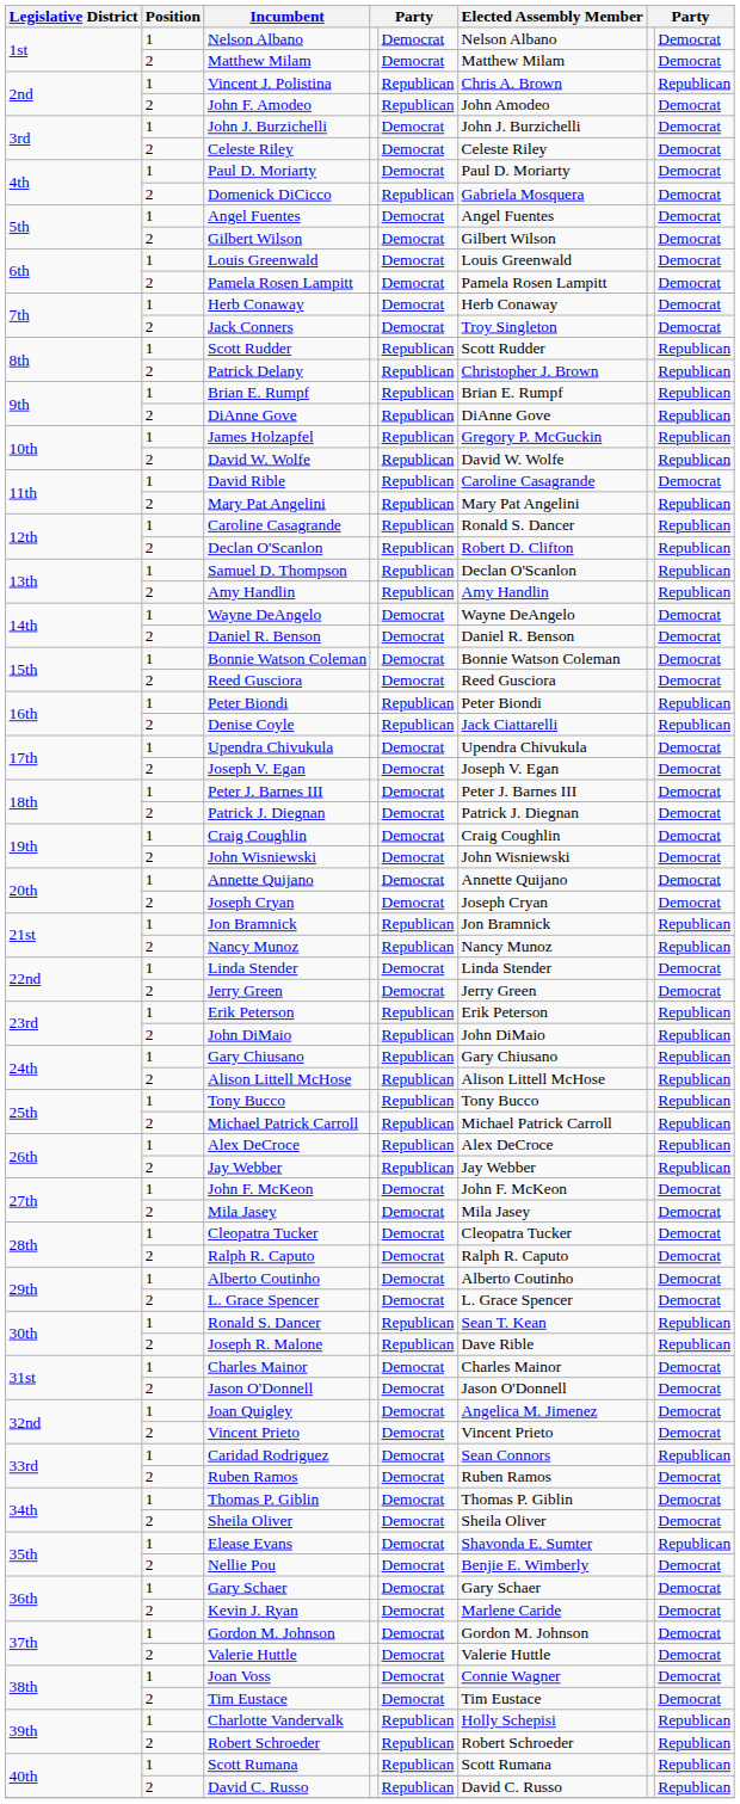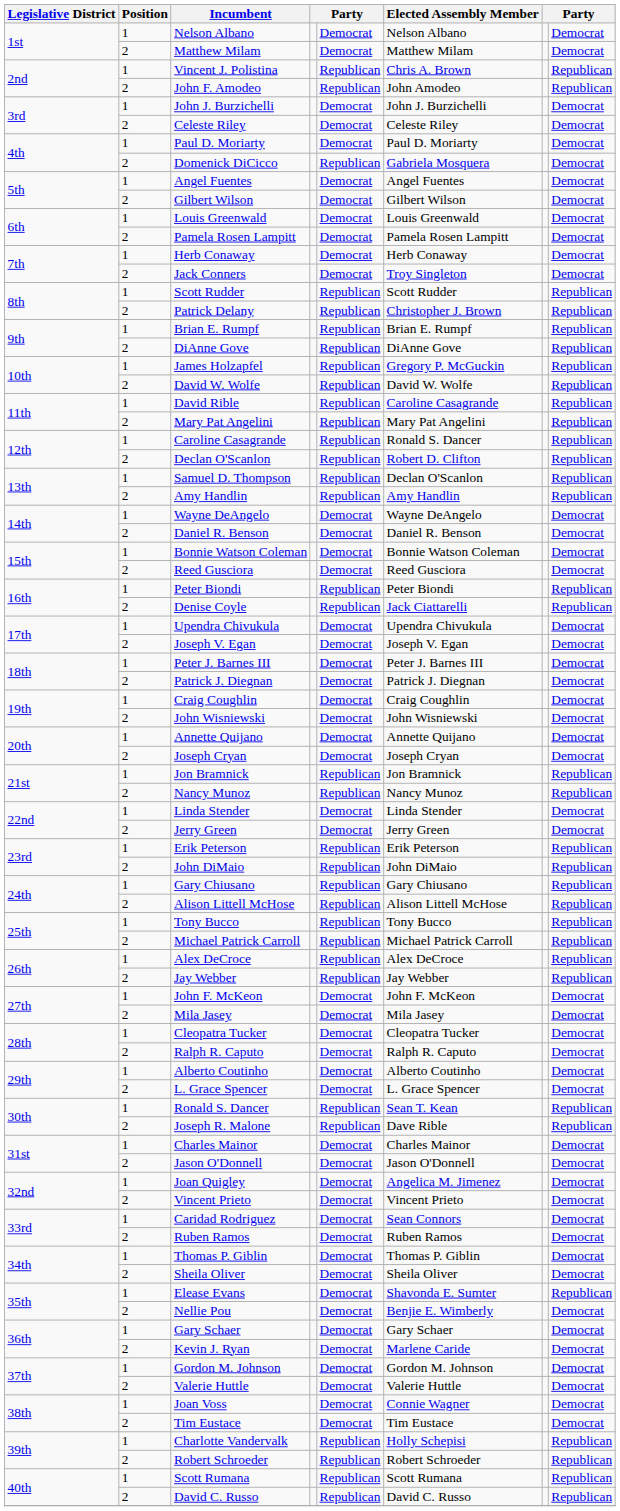 <table class="sortable wikitable" style="font-size:95%;line-height:14px;">
 <tr>
 <th colspan="1" class="sortable"><a href='#'>Legislative</a> District</th>
 <th colspan="1" class="sortable">Position</th>
 <th class="unsortable"><a href='#'>Incumbent</a></th>
 <th colspan="2">Party</th>
 <th class="unsortable">Elected Assembly Member</th>
 <th colspan="2">Party</th>
 </tr>
 <tr>
 <td rowspan="2"><a href='#'>1st</a></td>
 <td>1</td>
 <td><a href='#'>Nelson Albano</a></td>
 <td style="background:"></td>
 <td><a href='#'>Democrat</a></td>
 <td>Nelson Albano</td>
 <td style="background:"></td>
 <td><a href='#'>Democrat</a></td>
 </tr>
 <tr>
 <td>2</td>
 <td><a href='#'>Matthew Milam</a></td>
 <td style="background:"></td>
 <td><a href='#'>Democrat</a></td>
 <td>Matthew Milam</td>
 <td style="background:"></td>
 <td><a href='#'>Democrat</a></td>
 </tr>
 <tr>
 <td rowspan="2"><a href='#'>2nd</a></td>
 <td>1</td>
 <td><a href='#'>Vincent J. Polistina</a></td>
 <td style="background:"></td>
 <td><a href='#'>Republican</a></td>
 <td><a href='#'>Chris A. Brown</a></td>
 <td style="background:"></td>
 <td><a href='#'>Republican</a></td>
 </tr>
 <tr>
 <td>2</td>
 <td><a href='#'>John F. Amodeo</a></td>
 <td style="background:"></td>
 <td><a href='#'>Republican</a></td>
 <td>John Amodeo</td>
 <td style="background:"></td>
-<td><a href='#'>Democrat</a></td>
+<td><a href='#'>Republican</a></td>
 </tr>
 <tr>
 <td rowspan="2"><a href='#'>3rd</a></td>
 <td>1</td>
 <td><a href='#'>John J. Burzichelli</a></td>
 <td style="background:"></td>
 <td><a href='#'>Democrat</a></td>
 <td>John J. Burzichelli</td>
 <td style="background:"></td>
 <td><a href='#'>Democrat</a></td>
 </tr>
 <tr>
 <td>2</td>
 <td><a href='#'>Celeste Riley</a></td>
 <td style="background:"></td>
 <td><a href='#'>Democrat</a></td>
 <td>Celeste Riley</td>
 <td style="background:"></td>
 <td><a href='#'>Democrat</a></td>
 </tr>
 <tr>
 <td rowspan="2"><a href='#'>4th</a></td>
 <td>1</td>
 <td><a href='#'>Paul D. Moriarty</a></td>
 <td style="background:"></td>
 <td><a href='#'>Democrat</a></td>
 <td>Paul D. Moriarty</td>
 <td style="background:"></td>
 <td><a href='#'>Democrat</a></td>
 </tr>
 <tr>
 <td>2</td>
 <td><a href='#'>Domenick DiCicco</a></td>
 <td style="background:"></td>
 <td><a href='#'>Republican</a></td>
 <td><a href='#'>Gabriela Mosquera</a></td>
 <td style="background:"></td>
 <td><a href='#'>Democrat</a></td>
 </tr>
 <tr>
 <td rowspan="2"><a href='#'>5th</a></td>
 <td>1</td>
 <td><a href='#'>Angel Fuentes</a></td>
 <td style="background:"></td>
 <td><a href='#'>Democrat</a></td>
 <td>Angel Fuentes</td>
 <td style="background:"></td>
 <td><a href='#'>Democrat</a></td>
 </tr>
 <tr>
 <td>2</td>
 <td><a href='#'>Gilbert Wilson</a></td>
 <td style="background:"></td>
 <td><a href='#'>Democrat</a></td>
 <td>Gilbert Wilson</td>
 <td style="background:"></td>
 <td><a href='#'>Democrat</a></td>
 </tr>
 <tr>
 <td rowspan="2"><a href='#'>6th</a></td>
 <td>1</td>
 <td><a href='#'>Louis Greenwald</a></td>
 <td style="background:"></td>
 <td><a href='#'>Democrat</a></td>
 <td>Louis Greenwald</td>
 <td style="background:"></td>
 <td><a href='#'>Democrat</a></td>
 </tr>
 <tr>
 <td>2</td>
 <td><a href='#'>Pamela Rosen Lampitt</a></td>
 <td style="background:"></td>
 <td><a href='#'>Democrat</a></td>
 <td>Pamela Rosen Lampitt</td>
 <td style="background:"></td>
 <td><a href='#'>Democrat</a></td>
 </tr>
 <tr>
 <td rowspan="2"><a href='#'>7th</a></td>
 <td>1</td>
 <td><a href='#'>Herb Conaway</a></td>
 <td style="background:"></td>
 <td><a href='#'>Democrat</a></td>
 <td>Herb Conaway</td>
 <td style="background:"></td>
 <td><a href='#'>Democrat</a></td>
 </tr>
 <tr>
 <td>2</td>
 <td><a href='#'>Jack Conners</a></td>
 <td style="background:"></td>
 <td><a href='#'>Democrat</a></td>
 <td><a href='#'>Troy Singleton</a></td>
 <td style="background:"></td>
 <td><a href='#'>Democrat</a></td>
 </tr>
 <tr>
 <td rowspan="2"><a href='#'>8th</a></td>
 <td>1</td>
 <td><a href='#'>Scott Rudder</a></td>
 <td style="background:"></td>
 <td><a href='#'>Republican</a></td>
 <td>Scott Rudder</td>
 <td style="background:"></td>
 <td><a href='#'>Republican</a></td>
 </tr>
 <tr>
 <td>2</td>
 <td><a href='#'>Patrick Delany</a></td>
 <td style="background:"></td>
 <td><a href='#'>Republican</a></td>
 <td><a href='#'>Christopher J. Brown</a></td>
 <td style="background:"></td>
 <td><a href='#'>Republican</a></td>
 </tr>
 <tr>
 <td rowspan="2"><a href='#'>9th</a></td>
 <td>1</td>
 <td><a href='#'>Brian E. Rumpf</a></td>
 <td style="background:"></td>
 <td><a href='#'>Republican</a></td>
 <td>Brian E. Rumpf</td>
 <td style="background:"></td>
 <td><a href='#'>Republican</a></td>
 </tr>
 <tr>
 <td>2</td>
 <td><a href='#'>DiAnne Gove</a></td>
 <td style="background:"></td>
 <td><a href='#'>Republican</a></td>
 <td>DiAnne Gove</td>
 <td style="background:"></td>
 <td><a href='#'>Republican</a></td>
 </tr>
 <tr>
 <td rowspan="2"><a href='#'>10th</a></td>
 <td>1</td>
 <td><a href='#'>James Holzapfel</a></td>
 <td style="background:"></td>
 <td><a href='#'>Republican</a></td>
 <td><a href='#'>Gregory P. McGuckin</a></td>
 <td style="background:"></td>
 <td><a href='#'>Republican</a></td>
 </tr>
 <tr>
 <td>2</td>
 <td><a href='#'>David W. Wolfe</a></td>
 <td style="background:"></td>
 <td><a href='#'>Republican</a></td>
 <td>David W. Wolfe</td>
 <td style="background:"></td>
 <td><a href='#'>Republican</a></td>
 </tr>
 <tr>
 <td rowspan="2"><a href='#'>11th</a></td>
 <td>1</td>
 <td><a href='#'>David Rible</a></td>
 <td style="background:"></td>
 <td><a href='#'>Republican</a></td>
 <td><a href='#'>Caroline Casagrande</a></td>
 <td style="background:"></td>
-<td><a href='#'>Democrat</a></td>
+<td><a href='#'>Republican</a></td>
 </tr>
 <tr>
 <td>2</td>
 <td><a href='#'>Mary Pat Angelini</a></td>
 <td style="background:"></td>
 <td><a href='#'>Republican</a></td>
 <td>Mary Pat Angelini</td>
 <td style="background:"></td>
 <td><a href='#'>Republican</a></td>
 </tr>
 <tr>
 <td rowspan="2"><a href='#'>12th</a></td>
 <td>1</td>
 <td><a href='#'>Caroline Casagrande</a></td>
 <td style="background:"></td>
 <td><a href='#'>Republican</a></td>
 <td>Ronald S. Dancer</td>
 <td style="background:"></td>
 <td><a href='#'>Republican</a></td>
 </tr>
 <tr>
 <td>2</td>
 <td><a href='#'>Declan O'Scanlon</a></td>
 <td style="background:"></td>
 <td><a href='#'>Republican</a></td>
 <td><a href='#'>Robert D. Clifton</a></td>
 <td style="background:"></td>
 <td><a href='#'>Republican</a></td>
 </tr>
 <tr>
 <td rowspan="2"><a href='#'>13th</a></td>
 <td>1</td>
 <td><a href='#'>Samuel D. Thompson</a></td>
 <td style="background:"></td>
 <td><a href='#'>Republican</a></td>
 <td>Declan O'Scanlon</td>
 <td style="background:"></td>
 <td><a href='#'>Republican</a></td>
 </tr>
 <tr>
 <td>2</td>
 <td><a href='#'>Amy Handlin</a></td>
 <td style="background:"></td>
 <td><a href='#'>Republican</a></td>
 <td><a href='#'>Amy Handlin</a></td>
 <td style="background:"></td>
 <td><a href='#'>Republican</a></td>
 </tr>
 <tr>
 <td rowspan="2"><a href='#'>14th</a></td>
 <td>1</td>
 <td><a href='#'>Wayne DeAngelo</a></td>
 <td style="background:"></td>
 <td><a href='#'>Democrat</a></td>
 <td>Wayne DeAngelo</td>
 <td style="background:"></td>
 <td><a href='#'>Democrat</a></td>
 </tr>
 <tr>
 <td>2</td>
 <td><a href='#'>Daniel R. Benson</a></td>
 <td style="background:"></td>
 <td><a href='#'>Democrat</a></td>
 <td>Daniel R. Benson</td>
 <td style="background:"></td>
 <td><a href='#'>Democrat</a></td>
 </tr>
 <tr>
 <td rowspan="2"><a href='#'>15th</a></td>
 <td>1</td>
 <td><a href='#'>Bonnie Watson Coleman</a></td>
 <td style="background:"></td>
 <td><a href='#'>Democrat</a></td>
 <td>Bonnie Watson Coleman</td>
 <td style="background:"></td>
 <td><a href='#'>Democrat</a></td>
 </tr>
 <tr>
 <td>2</td>
 <td><a href='#'>Reed Gusciora</a></td>
 <td style="background:"></td>
 <td><a href='#'>Democrat</a></td>
 <td>Reed Gusciora</td>
 <td style="background:"></td>
 <td><a href='#'>Democrat</a></td>
 </tr>
 <tr>
 <td rowspan="2"><a href='#'>16th</a></td>
 <td>1</td>
 <td><a href='#'>Peter Biondi</a></td>
 <td style="background:"></td>
 <td><a href='#'>Republican</a></td>
 <td>Peter Biondi</td>
 <td style="background:"></td>
 <td><a href='#'>Republican</a></td>
 </tr>
 <tr>
 <td>2</td>
 <td><a href='#'>Denise Coyle</a></td>
 <td style="background:"></td>
 <td><a href='#'>Republican</a></td>
 <td><a href='#'>Jack Ciattarelli</a></td>
 <td style="background:"></td>
 <td><a href='#'>Republican</a></td>
 </tr>
 <tr>
 <td rowspan="2"><a href='#'>17th</a></td>
 <td>1</td>
 <td><a href='#'>Upendra Chivukula</a></td>
 <td style="background:"></td>
 <td><a href='#'>Democrat</a></td>
 <td>Upendra Chivukula</td>
 <td style="background:"></td>
 <td><a href='#'>Democrat</a></td>
 </tr>
 <tr>
 <td>2</td>
 <td><a href='#'>Joseph V. Egan</a></td>
 <td style="background:"></td>
 <td><a href='#'>Democrat</a></td>
 <td>Joseph V. Egan</td>
 <td style="background:"></td>
 <td><a href='#'>Democrat</a></td>
 </tr>
 <tr>
 <td rowspan="2"><a href='#'>18th</a></td>
 <td>1</td>
 <td><a href='#'>Peter J. Barnes III</a></td>
 <td style="background:"></td>
 <td><a href='#'>Democrat</a></td>
 <td>Peter J. Barnes III</td>
 <td style="background:"></td>
 <td><a href='#'>Democrat</a></td>
 </tr>
 <tr>
 <td>2</td>
 <td><a href='#'>Patrick J. Diegnan</a></td>
 <td style="background:"></td>
 <td><a href='#'>Democrat</a></td>
 <td>Patrick J. Diegnan</td>
 <td style="background:"></td>
 <td><a href='#'>Democrat</a></td>
 </tr>
 <tr>
 <td rowspan="2"><a href='#'>19th</a></td>
 <td>1</td>
 <td><a href='#'>Craig Coughlin</a></td>
 <td style="background:"></td>
 <td><a href='#'>Democrat</a></td>
 <td>Craig Coughlin</td>
 <td style="background:"></td>
 <td><a href='#'>Democrat</a></td>
 </tr>
 <tr>
 <td>2</td>
 <td><a href='#'>John Wisniewski</a></td>
 <td style="background:"></td>
 <td><a href='#'>Democrat</a></td>
 <td>John Wisniewski</td>
 <td style="background:"></td>
 <td><a href='#'>Democrat</a></td>
 </tr>
 <tr>
 <td rowspan="2"><a href='#'>20th</a></td>
 <td>1</td>
 <td><a href='#'>Annette Quijano</a></td>
 <td style="background:"></td>
 <td><a href='#'>Democrat</a></td>
 <td>Annette Quijano</td>
 <td style="background:"></td>
 <td><a href='#'>Democrat</a></td>
 </tr>
 <tr>
 <td>2</td>
 <td><a href='#'>Joseph Cryan</a></td>
 <td style="background:"></td>
 <td><a href='#'>Democrat</a></td>
 <td>Joseph Cryan</td>
 <td style="background:"></td>
 <td><a href='#'>Democrat</a></td>
 </tr>
 <tr>
 <td rowspan="2"><a href='#'>21st</a></td>
 <td>1</td>
 <td><a href='#'>Jon Bramnick</a></td>
 <td style="background:"></td>
 <td><a href='#'>Republican</a></td>
 <td>Jon Bramnick</td>
 <td style="background:"></td>
 <td><a href='#'>Republican</a></td>
 </tr>
 <tr>
 <td>2</td>
 <td><a href='#'>Nancy Munoz</a></td>
 <td style="background:"></td>
 <td><a href='#'>Republican</a></td>
 <td>Nancy Munoz</td>
 <td style="background:"></td>
 <td><a href='#'>Republican</a></td>
 </tr>
 <tr>
 <td rowspan="2"><a href='#'>22nd</a></td>
 <td>1</td>
 <td><a href='#'>Linda Stender</a></td>
 <td style="background:"></td>
 <td><a href='#'>Democrat</a></td>
 <td>Linda Stender</td>
 <td style="background:"></td>
 <td><a href='#'>Democrat</a></td>
 </tr>
 <tr>
 <td>2</td>
 <td><a href='#'>Jerry Green</a></td>
 <td style="background:"></td>
 <td><a href='#'>Democrat</a></td>
 <td>Jerry Green</td>
 <td style="background:"></td>
 <td><a href='#'>Democrat</a></td>
 </tr>
 <tr>
 <td rowspan="2"><a href='#'>23rd</a></td>
 <td>1</td>
 <td><a href='#'>Erik Peterson</a></td>
 <td style="background:"></td>
 <td><a href='#'>Republican</a></td>
 <td>Erik Peterson</td>
 <td style="background:"></td>
 <td><a href='#'>Republican</a></td>
 </tr>
 <tr>
 <td>2</td>
 <td><a href='#'>John DiMaio</a></td>
 <td style="background:"></td>
 <td><a href='#'>Republican</a></td>
 <td>John DiMaio</td>
 <td style="background:"></td>
 <td><a href='#'>Republican</a></td>
 </tr>
 <tr>
 <td rowspan="2"><a href='#'>24th</a></td>
 <td>1</td>
 <td><a href='#'>Gary Chiusano</a></td>
 <td style="background:"></td>
 <td><a href='#'>Republican</a></td>
 <td>Gary Chiusano</td>
 <td style="background:"></td>
 <td><a href='#'>Republican</a></td>
 </tr>
 <tr>
 <td>2</td>
 <td><a href='#'>Alison Littell McHose</a></td>
 <td style="background:"></td>
 <td><a href='#'>Republican</a></td>
 <td>Alison Littell McHose</td>
 <td style="background:"></td>
 <td><a href='#'>Republican</a></td>
 </tr>
 <tr>
 <td rowspan="2"><a href='#'>25th</a></td>
 <td>1</td>
 <td><a href='#'>Tony Bucco</a></td>
 <td style="background:"></td>
 <td><a href='#'>Republican</a></td>
 <td>Tony Bucco</td>
 <td style="background:"></td>
 <td><a href='#'>Republican</a></td>
 </tr>
 <tr>
 <td>2</td>
 <td><a href='#'>Michael Patrick Carroll</a></td>
 <td style="background:"></td>
 <td><a href='#'>Republican</a></td>
 <td>Michael Patrick Carroll</td>
 <td style="background:"></td>
 <td><a href='#'>Republican</a></td>
 </tr>
 <tr>
 <td rowspan="2"><a href='#'>26th</a></td>
 <td>1</td>
 <td><a href='#'>Alex DeCroce</a></td>
 <td style="background:"></td>
 <td><a href='#'>Republican</a></td>
 <td>Alex DeCroce</td>
 <td style="background:"></td>
 <td><a href='#'>Republican</a></td>
 </tr>
 <tr>
 <td>2</td>
 <td><a href='#'>Jay Webber</a></td>
 <td style="background:"></td>
 <td><a href='#'>Republican</a></td>
 <td>Jay Webber</td>
 <td style="background:"></td>
 <td><a href='#'>Republican</a></td>
 </tr>
 <tr>
 <td rowspan="2"><a href='#'>27th</a></td>
 <td>1</td>
 <td><a href='#'>John F. McKeon</a></td>
 <td style="background:"></td>
 <td><a href='#'>Democrat</a></td>
 <td>John F. McKeon</td>
 <td style="background:"></td>
 <td><a href='#'>Democrat</a></td>
 </tr>
 <tr>
 <td>2</td>
 <td><a href='#'>Mila Jasey</a></td>
 <td style="background:"></td>
 <td><a href='#'>Democrat</a></td>
 <td>Mila Jasey</td>
 <td style="background:"></td>
 <td><a href='#'>Democrat</a></td>
 </tr>
 <tr>
 <td rowspan="2"><a href='#'>28th</a></td>
 <td>1</td>
 <td><a href='#'>Cleopatra Tucker</a></td>
 <td style="background:"></td>
 <td><a href='#'>Democrat</a></td>
 <td>Cleopatra Tucker</td>
 <td style="background:"></td>
 <td><a href='#'>Democrat</a></td>
 </tr>
 <tr>
 <td>2</td>
 <td><a href='#'>Ralph R. Caputo</a></td>
 <td style="background:"></td>
 <td><a href='#'>Democrat</a></td>
 <td>Ralph R. Caputo</td>
 <td style="background:"></td>
 <td><a href='#'>Democrat</a></td>
 </tr>
 <tr>
 <td rowspan="2"><a href='#'>29th</a></td>
 <td>1</td>
 <td><a href='#'>Alberto Coutinho</a></td>
 <td style="background:"></td>
 <td><a href='#'>Democrat</a></td>
 <td>Alberto Coutinho</td>
 <td style="background:"></td>
 <td><a href='#'>Democrat</a></td>
 </tr>
 <tr>
 <td>2</td>
 <td><a href='#'>L. Grace Spencer</a></td>
 <td style="background:"></td>
 <td><a href='#'>Democrat</a></td>
 <td>L. Grace Spencer</td>
 <td style="background:"></td>
 <td><a href='#'>Democrat</a></td>
 </tr>
 <tr>
 <td rowspan="2"><a href='#'>30th</a></td>
 <td>1</td>
 <td><a href='#'>Ronald S. Dancer</a></td>
 <td style="background:"></td>
 <td><a href='#'>Republican</a></td>
 <td><a href='#'>Sean T. Kean</a></td>
 <td style="background:"></td>
 <td><a href='#'>Republican</a></td>
 </tr>
 <tr>
 <td>2</td>
 <td><a href='#'>Joseph R. Malone</a></td>
 <td style="background:"></td>
 <td><a href='#'>Republican</a></td>
 <td>Dave Rible</td>
 <td style="background:"></td>
 <td><a href='#'>Republican</a></td>
 </tr>
 <tr>
 <td rowspan="2"><a href='#'>31st</a></td>
 <td>1</td>
 <td><a href='#'>Charles Mainor</a></td>
 <td style="background:"></td>
 <td><a href='#'>Democrat</a></td>
 <td>Charles Mainor</td>
 <td style="background:"></td>
 <td><a href='#'>Democrat</a></td>
 </tr>
 <tr>
 <td>2</td>
 <td><a href='#'>Jason O'Donnell</a></td>
 <td style="background:"></td>
 <td><a href='#'>Democrat</a></td>
 <td>Jason O'Donnell</td>
 <td style="background:"></td>
 <td><a href='#'>Democrat</a></td>
 </tr>
 <tr>
 <td rowspan="2"><a href='#'>32nd</a></td>
 <td>1</td>
 <td><a href='#'>Joan Quigley</a></td>
 <td style="background:"></td>
 <td><a href='#'>Democrat</a></td>
 <td><a href='#'>Angelica M. Jimenez</a></td>
 <td style="background:"></td>
 <td><a href='#'>Democrat</a></td>
 </tr>
 <tr>
 <td>2</td>
 <td><a href='#'>Vincent Prieto</a></td>
 <td style="background:"></td>
 <td><a href='#'>Democrat</a></td>
 <td>Vincent Prieto</td>
 <td style="background:"></td>
 <td><a href='#'>Democrat</a></td>
 </tr>
 <tr>
 <td rowspan="2"><a href='#'>33rd</a></td>
 <td>1</td>
 <td><a href='#'>Caridad Rodriguez</a></td>
 <td style="background:"></td>
 <td><a href='#'>Democrat</a></td>
 <td><a href='#'>Sean Connors</a></td>
 <td style="background:"></td>
-<td><a href='#'>Republican</a></td>
+<td><a href='#'>Democrat</a></td>
 </tr>
 <tr>
 <td>2</td>
 <td><a href='#'>Ruben Ramos</a></td>
 <td style="background:"></td>
 <td><a href='#'>Democrat</a></td>
 <td>Ruben Ramos</td>
 <td style="background:"></td>
 <td><a href='#'>Democrat</a></td>
 </tr>
 <tr>
 <td rowspan="2"><a href='#'>34th</a></td>
 <td>1</td>
 <td><a href='#'>Thomas P. Giblin</a></td>
 <td style="background:"></td>
 <td><a href='#'>Democrat</a></td>
 <td>Thomas P. Giblin</td>
 <td style="background:"></td>
 <td><a href='#'>Democrat</a></td>
 </tr>
 <tr>
 <td>2</td>
 <td><a href='#'>Sheila Oliver</a></td>
 <td style="background:"></td>
 <td><a href='#'>Democrat</a></td>
 <td>Sheila Oliver</td>
 <td style="background:"></td>
 <td><a href='#'>Democrat</a></td>
 </tr>
 <tr>
 <td rowspan="2"><a href='#'>35th</a></td>
 <td>1</td>
 <td><a href='#'>Elease Evans</a></td>
 <td style="background:"></td>
 <td><a href='#'>Democrat</a></td>
 <td><a href='#'>Shavonda E. Sumter</a></td>
 <td style="background:"></td>
 <td><a href='#'>Republican</a></td>
 </tr>
 <tr>
 <td>2</td>
 <td><a href='#'>Nellie Pou</a></td>
 <td style="background:"></td>
 <td><a href='#'>Democrat</a></td>
 <td><a href='#'>Benjie E. Wimberly</a></td>
 <td style="background:"></td>
 <td><a href='#'>Democrat</a></td>
 </tr>
 <tr>
 <td rowspan="2"><a href='#'>36th</a></td>
 <td>1</td>
 <td><a href='#'>Gary Schaer</a></td>
 <td style="background:"></td>
 <td><a href='#'>Democrat</a></td>
 <td>Gary Schaer</td>
 <td style="background:"></td>
 <td><a href='#'>Democrat</a></td>
 </tr>
 <tr>
 <td>2</td>
 <td><a href='#'>Kevin J. Ryan</a></td>
 <td style="background:"></td>
 <td><a href='#'>Democrat</a></td>
 <td><a href='#'>Marlene Caride</a></td>
 <td style="background:"></td>
 <td><a href='#'>Democrat</a></td>
 </tr>
 <tr>
 <td rowspan="2"><a href='#'>37th</a></td>
 <td>1</td>
 <td><a href='#'>Gordon M. Johnson</a></td>
 <td style="background:"></td>
 <td><a href='#'>Democrat</a></td>
 <td>Gordon M. Johnson</td>
 <td style="background:"></td>
 <td><a href='#'>Democrat</a></td>
 </tr>
 <tr>
 <td>2</td>
 <td><a href='#'>Valerie Huttle</a></td>
 <td style="background:"></td>
 <td><a href='#'>Democrat</a></td>
 <td>Valerie Huttle</td>
 <td style="background:"></td>
 <td><a href='#'>Democrat</a></td>
 </tr>
 <tr>
 <td rowspan="2"><a href='#'>38th</a></td>
 <td>1</td>
 <td><a href='#'>Joan Voss</a></td>
 <td style="background:"></td>
 <td><a href='#'>Democrat</a></td>
 <td><a href='#'>Connie Wagner</a></td>
 <td style="background:"></td>
 <td><a href='#'>Democrat</a></td>
 </tr>
 <tr>
 <td>2</td>
 <td><a href='#'>Tim Eustace</a></td>
 <td style="background:"></td>
 <td><a href='#'>Democrat</a></td>
 <td>Tim Eustace</td>
 <td style="background:"></td>
 <td><a href='#'>Democrat</a></td>
 </tr>
 <tr>
 <td rowspan="2"><a href='#'>39th</a></td>
 <td>1</td>
 <td><a href='#'>Charlotte Vandervalk</a></td>
 <td style="background:"></td>
 <td><a href='#'>Republican</a></td>
 <td><a href='#'>Holly Schepisi</a></td>
 <td style="background:"></td>
 <td><a href='#'>Republican</a></td>
 </tr>
 <tr>
 <td>2</td>
 <td><a href='#'>Robert Schroeder</a></td>
 <td style="background:"></td>
 <td><a href='#'>Republican</a></td>
 <td>Robert Schroeder</td>
 <td style="background:"></td>
 <td><a href='#'>Republican</a></td>
 </tr>
 <tr>
 <td rowspan="2"><a href='#'>40th</a></td>
 <td>1</td>
 <td><a href='#'>Scott Rumana</a></td>
 <td style="background:"></td>
 <td><a href='#'>Republican</a></td>
 <td>Scott Rumana</td>
 <td style="background:"></td>
 <td><a href='#'>Republican</a></td>
 </tr>
 <tr>
 <td>2</td>
 <td><a href='#'>David C. Russo</a></td>
 <td style="background:"></td>
 <td><a href='#'>Republican</a></td>
 <td>David C. Russo</td>
 <td style="background:"></td>
 <td><a href='#'>Republican</a></td>
 </tr>
 <tr>
 </tr>
 </table>
